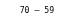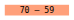 <table style="text-align:center;">
 <tr>
 <th width=200></th>
 <th width=100></th>
 <th width=200></th>
 <th></th>
 </tr>
 <tr>
 <td align=right><strong></strong></td>
-<td>70 – 59</td>
+<td style="background: lightsalmon;">70 – 59</td>
 <td align=left></td>
 </tr>
 </table>
